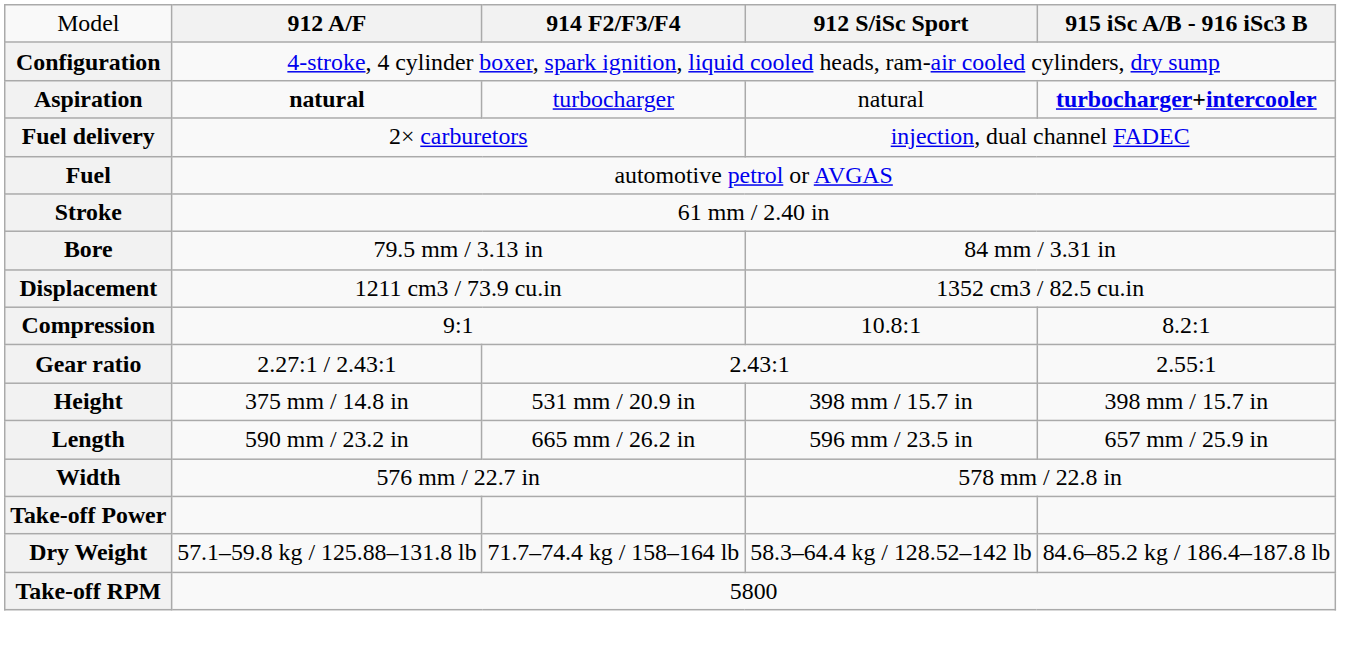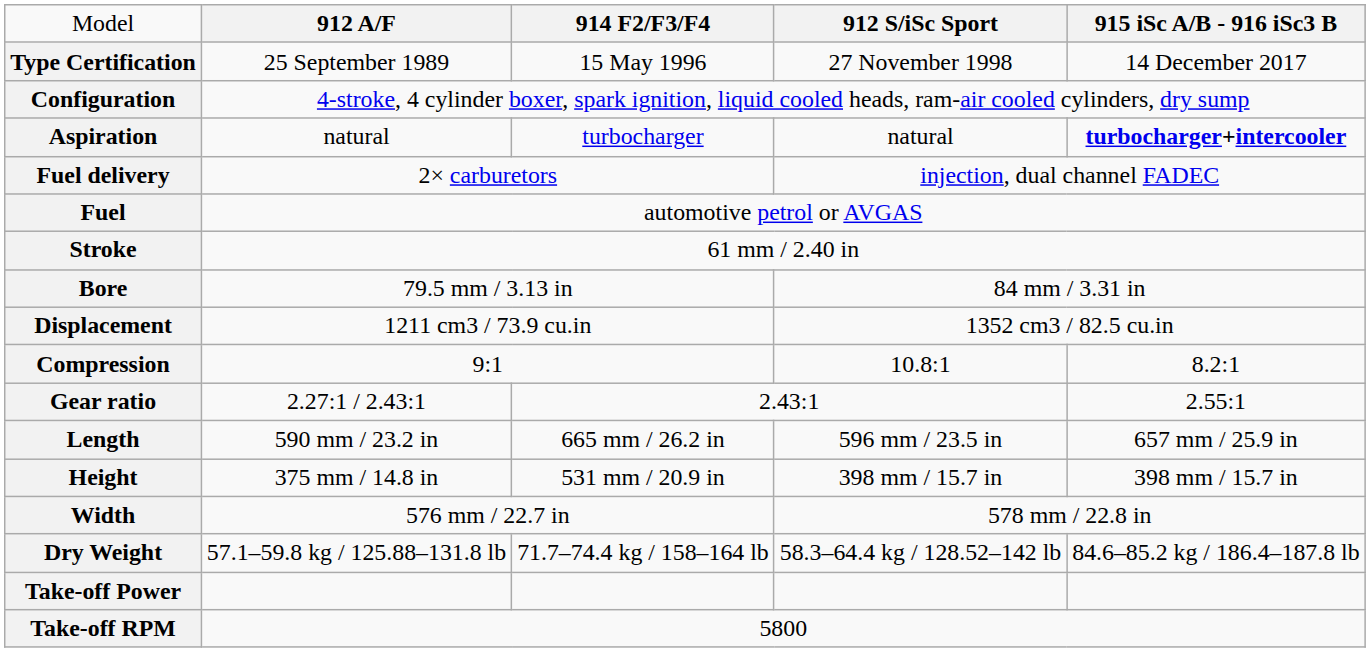 <table class="wikitable" style="text-align:center">
 <tr>
 <td>Model</td>
 <th>912 A/F</th>
 <th>914 F2/F3/F4</th>
 <th>912 S/iSc Sport</th>
 <th>915 iSc A/B - 916 iSc3 B</th>
 </tr>
 <tr>
+<th>Type Certification</th>
+<td>25 September 1989</td>
+<td>15 May 1996</td>
+<td>27 November 1998</td>
+<td>14 December 2017</td>
+</tr>
+<tr>
 <th>Configuration</th>
 <td colspan=4><a href='#'>4-stroke</a>, 4 cylinder <a href='#'>boxer</a>, <a href='#'>spark ignition</a>, <a href='#'>liquid cooled</a> heads, ram-<a href='#'>air cooled</a> cylinders, <a href='#'>dry sump</a></td>
 </tr>
 <tr>
 <th>Aspiration</th>
-<td><strong>natural</strong></td>
+<td>natural</td>
 <td><a href='#'>turbocharger</a></td>
 <td>natural</td>
 <td><strong><a href='#'>turbocharger</a>+<a href='#'>intercooler</a></strong></td>
 </tr>
 <tr>
 <th>Fuel delivery</th>
 <td colspan=2>2×  <a href='#'>carburetors</a></td>
 <td colspan=2><a href='#'>injection</a>, dual channel <a href='#'>FADEC</a></td>
 </tr>
 <tr>
 <th>Fuel</th>
 <td colspan=4>automotive <a href='#'>petrol</a> or <a href='#'>AVGAS</a></td>
 </tr>
 <tr>
 <th>Stroke</th>
 <td colspan= 4>61 mm / 2.40 in</td>
 </tr>
 <tr>
 <th>Bore</th>
 <td colspan=2>79.5 mm / 3.13 in</td>
 <td colspan=2>84 mm / 3.31 in</td>
 </tr>
 <tr>
 <th>Displacement</th>
 <td colspan=2>1211 cm3 / 73.9 cu.in</td>
 <td colspan=2>1352 cm3 / 82.5 cu.in</td>
 </tr>
 <tr>
 <th>Compression</th>
 <td colspan=2>9:1</td>
 <td>10.8:1</td>
 <td>8.2:1</td>
 </tr>
 <tr>
 <th>Gear ratio</th>
 <td>2.27:1 / 2.43:1</td>
 <td colspan=2>2.43:1</td>
 <td>2.55:1</td>
 </tr>
 <tr>
+<th>Length</th>
+<td>590 mm / 23.2 in</td>
+<td>665 mm / 26.2 in</td>
+<td>596 mm / 23.5 in</td>
+<td>657 mm / 25.9 in</td>
+</tr>
+<tr>
 <th>Height</th>
 <td>375 mm / 14.8 in</td>
 <td>531 mm / 20.9 in</td>
 <td>398 mm / 15.7 in</td>
 <td>398 mm / 15.7 in</td>
 </tr>
 <tr>
-<th>Length</th>
-<td>590 mm / 23.2 in</td>
-<td>665 mm / 26.2 in</td>
-<td>596 mm / 23.5 in</td>
-<td>657 mm / 25.9 in</td>
-</tr>
-<tr>
 <th>Width</th>
 <td colspan=2>576 mm / 22.7 in</td>
 <td colspan=2>578 mm / 22.8 in</td>
+</tr>
+<tr>
+<th>Dry Weight</th>
+<td>57.1⁠–⁠59.8 kg / 125.88⁠–⁠131.8 lb</td>
+<td>71.7⁠–⁠74.4 kg / 158⁠–⁠164 lb</td>
+<td>58.3⁠–⁠64.4 kg / 128.52⁠–⁠142 lb</td>
+<td>84.6⁠–⁠85.2 kg / 186.4⁠–⁠187.8 lb</td>
 </tr>
 <tr>
 <th>Take-off Power</th>
 <td></td>
 <td></td>
 <td></td>
 <td></td>
 </tr>
 <tr>
-<th>Dry Weight</th>
-<td>57.1⁠–⁠59.8 kg / 125.88⁠–⁠131.8 lb</td>
-<td>71.7⁠–⁠74.4 kg / 158⁠–⁠164 lb</td>
-<td>58.3⁠–⁠64.4 kg / 128.52⁠–⁠142 lb</td>
-<td>84.6⁠–⁠85.2 kg / 186.4⁠–⁠187.8 lb</td>
-</tr>
-<tr>
 <th>Take-off RPM</th>
 <td colspan= 4>5800</td>
 </tr>
 </table>
